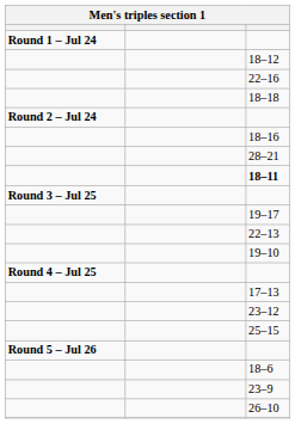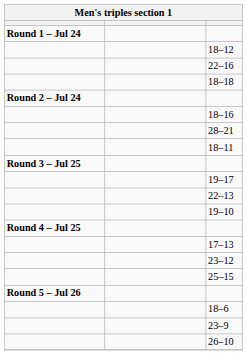 <table class="wikitable">
 <tr>
 <th colspan="3">Men's triples section 1</th>
 </tr>
 <tr>
 <th width=150></th>
 <th width=150></th>
 <th width=50></th>
 </tr>
 <tr>
 <td><strong>Round 1 – Jul 24</strong></td>
 <td></td>
 <td></td>
 </tr>
 <tr>
 <td></td>
 <td></td>
 <td>18–12</td>
 </tr>
 <tr>
 <td></td>
 <td></td>
 <td>22–16</td>
 </tr>
 <tr>
 <td></td>
 <td></td>
 <td>18–18</td>
 </tr>
 <tr>
 <td><strong>Round 2 – Jul 24</strong></td>
 <td></td>
 <td></td>
 </tr>
 <tr>
 <td></td>
 <td></td>
 <td>18–16</td>
 </tr>
 <tr>
 <td></td>
 <td></td>
 <td>28–21</td>
 </tr>
 <tr>
 <td></td>
 <td></td>
-<td><strong>18–11</strong></td>
+<td>18–11</td>
 </tr>
 <tr>
 <td><strong>Round 3 – Jul 25</strong></td>
 <td></td>
 <td></td>
 </tr>
 <tr>
 <td></td>
 <td></td>
 <td>19–17</td>
 </tr>
 <tr>
 <td></td>
 <td></td>
 <td>22–13</td>
 </tr>
 <tr>
 <td></td>
 <td></td>
 <td>19–10</td>
 </tr>
 <tr>
 <td><strong>Round 4 – Jul 25</strong></td>
 <td></td>
 <td></td>
 </tr>
 <tr>
 <td></td>
 <td></td>
 <td>17–13</td>
 </tr>
 <tr>
 <td></td>
 <td></td>
 <td>23–12</td>
 </tr>
 <tr>
 <td></td>
 <td></td>
 <td>25–15</td>
 </tr>
 <tr>
 <td><strong>Round 5 – Jul 26</strong></td>
 <td></td>
 <td></td>
 </tr>
 <tr>
 <td></td>
 <td></td>
 <td>18–6</td>
 </tr>
 <tr>
 <td></td>
 <td></td>
 <td>23–9</td>
 </tr>
 <tr>
 <td></td>
 <td></td>
 <td>26–10</td>
 </tr>
 <tr>
 </tr>
 </table>
